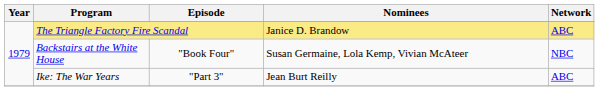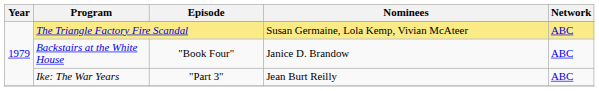 <table class="wikitable">
 <tr>
 <th width="5%">Year</th>
 <th width="20%">Program</th>
 <th width="20%">Episode</th>
 <th width="50%">Nominees</th>
 <th width="5%">Network</th>
 </tr>
 <tr>
 <td rowspan="4" style="text-align:center;"><a href='#'>1979</a><br></td>
 </tr>
 <tr style="background:#FAEB86;">
 <td colspan=2><em><a href='#'>The Triangle Factory Fire Scandal</a></em></td>
-<td>Janice D. Brandow</td>
+<td>Susan Germaine, Lola Kemp, Vivian McAteer</td>
 <td><a href='#'>ABC</a></td>
 </tr>
 <tr>
 <td><em><a href='#'>Backstairs at the White House</a></em></td>
 <td align=center>"Book Four"</td>
-<td>Susan Germaine, Lola Kemp, Vivian McAteer</td>
-<td><a href='#'>NBC</a></td>
+<td>Janice D. Brandow</td>
+<td><a href='#'>ABC</a></td>
 </tr>
 <tr>
 <td><em>Ike: The War Years</em></td>
 <td align=center>"Part 3"</td>
 <td>Jean Burt Reilly</td>
 <td><a href='#'>ABC</a></td>
 </tr>
 <tr>
 </tr>
 </table>
